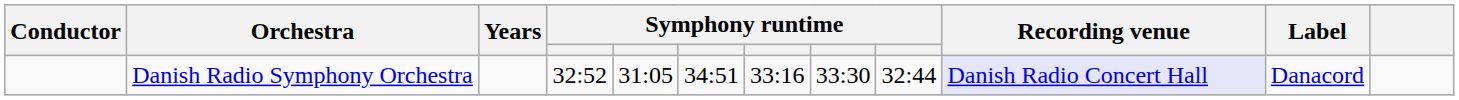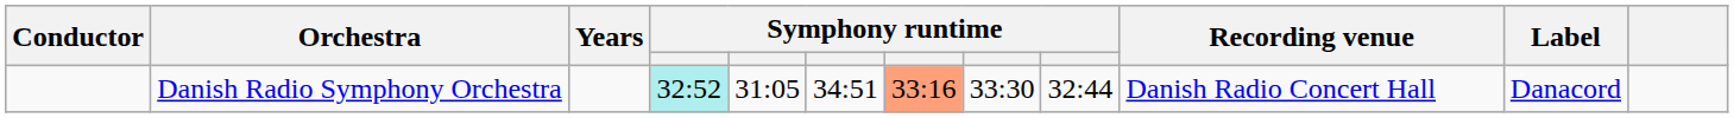 <table class="wikitable" style="margin-right: 0; font-size: 95%">
 <tr>
 <th rowspan=2 scope=col>Conductor</th>
 <th rowspan=2 scope=col>Orchestra</th>
 <th rowspan=2 scope=col>Years</th>
 <th colspan=6 scope=col>Symphony runtime</th>
 <th style="width:13em"; rowspan=2 scope=col>Recording venue</th>
 <th rowspan=2 scope=col>Label</th>
 <th style="width:3em"; rowspan=2 scope=col class="unsortable"></th>
 </tr>
 <tr>
 <th scope=col></th>
 <th scope=col></th>
 <th scope=col></th>
 <th scope=col></th>
 <th scope=col></th>
 <th scope=col></th>
 </tr>
 <tr>
 <td></td>
 <td><a href='#'>Danish Radio Symphony Orchestra</a></td>
 <td></td>
-<td>32:52</td>
+<td style="background: paleturquoise;">32:52</td>
 <td>31:05</td>
 <td>34:51</td>
-<td>33:16</td>
+<td style="background: lightsalmon;">33:16</td>
 <td>33:30</td>
 <td>32:44</td>
-<td style="background: lavender;"><a href='#'>Danish Radio Concert Hall</a></td>
+<td><a href='#'>Danish Radio Concert Hall</a></td>
 <td><a href='#'>Danacord</a></td>
 <td style="text-align: center;"></td>
 </tr>
 </table>
